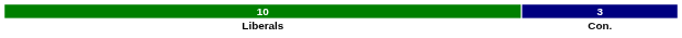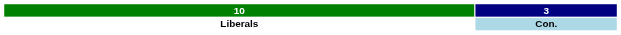 <table style="width:50%; text-align:center;">
 <tr style="color:white;">
 <td style="background:green; width:76.92%;"><strong>10</strong></td>
 <td style="background:navy; width:23.08%;"><strong>3</strong></td>
 </tr>
 <tr>
 <td><span><strong>Liberals</strong></span></td>
-<td><span><strong>Con.</strong></span></td>
+<td style="background: lightblue;"><span><strong>Con.</strong></span></td>
 </tr>
 </table>
